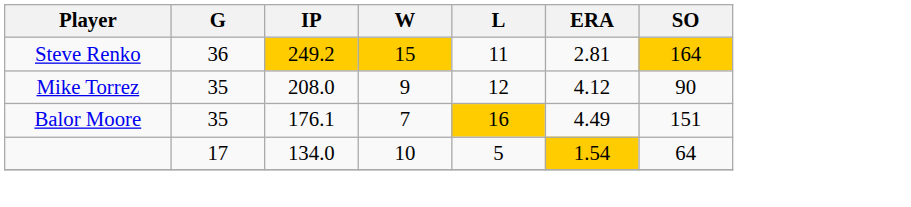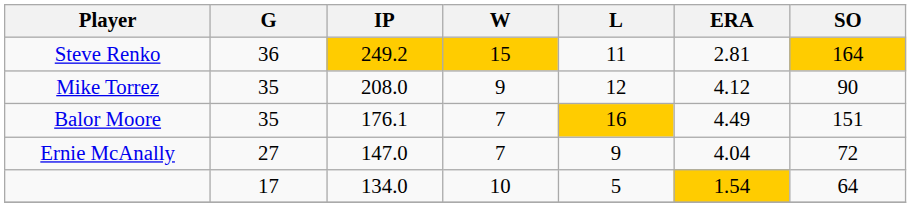 <table class="wikitable sortable">
 <tr>
 <th bgcolor="#DDDDFF" width="16%">Player</th>
 <th bgcolor="#DDDDFF" width="9%">G</th>
 <th bgcolor="#DDDDFF" width="9%">IP</th>
 <th bgcolor="#DDDDFF" width="9%">W</th>
 <th bgcolor="#DDDDFF" width="9%">L</th>
 <th bgcolor="#DDDDFF" width="9%">ERA</th>
 <th bgcolor="#DDDDFF" width="9%">SO</th>
 </tr>
 <tr align="center">
 <td><a href='#'>Steve Renko</a></td>
 <td>36</td>
 <td style="background:#fc0;">249.2</td>
 <td style="background:#fc0;">15</td>
 <td>11</td>
 <td>2.81</td>
 <td style="background:#fc0;">164</td>
 </tr>
 <tr align=center>
 <td><a href='#'>Mike Torrez</a></td>
 <td>35</td>
 <td>208.0</td>
 <td>9</td>
 <td>12</td>
 <td>4.12</td>
 <td>90</td>
 </tr>
 <tr align=center>
 <td><a href='#'>Balor Moore</a></td>
 <td>35</td>
 <td>176.1</td>
 <td>7</td>
 <td style="background:#fc0;">16</td>
 <td>4.49</td>
 <td>151</td>
 </tr>
 <tr align=center>
+<td><a href='#'>Ernie McAnally</a></td>
+<td>27</td>
+<td>147.0</td>
+<td>7</td>
+<td>9</td>
+<td>4.04</td>
+<td>72</td>
+</tr>
+<tr align=center>
 <td></td>
 <td>17</td>
 <td>134.0</td>
 <td>10</td>
 <td>5</td>
 <td style="background:#fc0;">1.54</td>
 <td>64</td>
 </tr>
 <tr align="center">
 </tr>
 </table>
